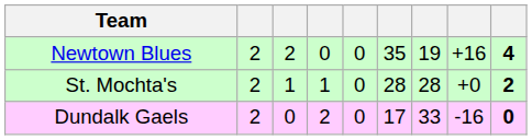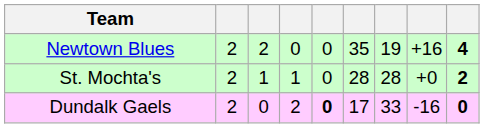 <table class="wikitable" style="text-align:center">
 <tr>
 <th style="width:175px;">Team</th>
 <th width="20"></th>
 <th width="20"></th>
 <th width="20"></th>
 <th width="20"></th>
 <th width="20"></th>
 <th width="20"></th>
 <th width="20"></th>
 <th width="20"></th>
 </tr>
 <tr style="background:#cfc;">
 <td><a href='#'>Newtown Blues</a></td>
 <td>2</td>
 <td>2</td>
 <td>0</td>
 <td>0</td>
 <td>35</td>
 <td>19</td>
 <td>+16</td>
 <td><strong>4</strong></td>
 </tr>
 <tr style="background:#cfc;">
 <td>St. Mochta's</td>
 <td>2</td>
 <td>1</td>
 <td>1</td>
 <td>0</td>
 <td>28</td>
 <td>28</td>
 <td>+0</td>
 <td><strong>2</strong></td>
 </tr>
 <tr style="background:#fcf;">
 <td>Dundalk Gaels</td>
 <td>2</td>
 <td>0</td>
 <td>2</td>
-<td>0</td>
+<td><strong>0</strong></td>
 <td>17</td>
 <td>33</td>
 <td>-16</td>
 <td><strong>0</strong></td>
 </tr>
 </table>
